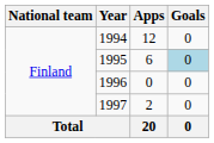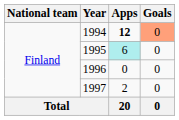 <table class="wikitable" style="text-align:center">
 <tr>
 <th>National team</th>
 <th>Year</th>
 <th>Apps</th>
 <th>Goals</th>
 </tr>
 <tr>
 <td rowspan="4"><a href='#'>Finland</a></td>
 <td>1994</td>
-<td>12</td>
-<td>0</td>
+<td><strong>12</strong></td>
+<td style="background: lightsalmon;">0</td>
 </tr>
 <tr>
 <td>1995</td>
-<td>6</td>
-<td style="background: lightblue;">0</td>
+<td style="background: paleturquoise;">6</td>
+<td>0</td>
 </tr>
 <tr>
 <td>1996</td>
 <td>0</td>
 <td>0</td>
 </tr>
 <tr>
 <td>1997</td>
 <td>2</td>
 <td>0</td>
 </tr>
 <tr>
 <th colspan="2">Total</th>
 <th>20</th>
 <th>0</th>
 </tr>
 </table>
